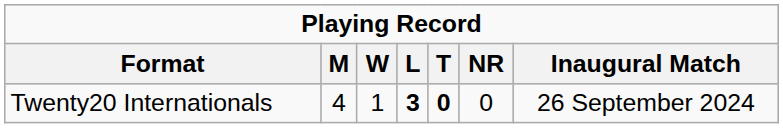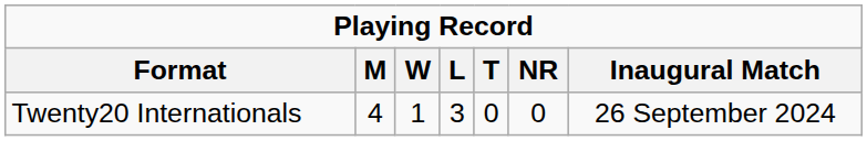 <table class="wikitable" style="text-align: center; width: 500px;">
 <tr>
 <td colspan=7 align="center"><strong>Playing Record</strong></td>
 </tr>
 <tr>
 <th>Format</th>
 <th>M</th>
 <th>W</th>
 <th>L</th>
 <th>T</th>
 <th>NR</th>
 <th>Inaugural Match</th>
 </tr>
 <tr>
 <td align="left">Twenty20 Internationals</td>
 <td>4</td>
 <td>1</td>
-<td><strong>3</strong></td>
-<td><strong>0</strong></td>
+<td>3</td>
+<td>0</td>
 <td>0</td>
 <td>26 September 2024</td>
 </tr>
 </table>
